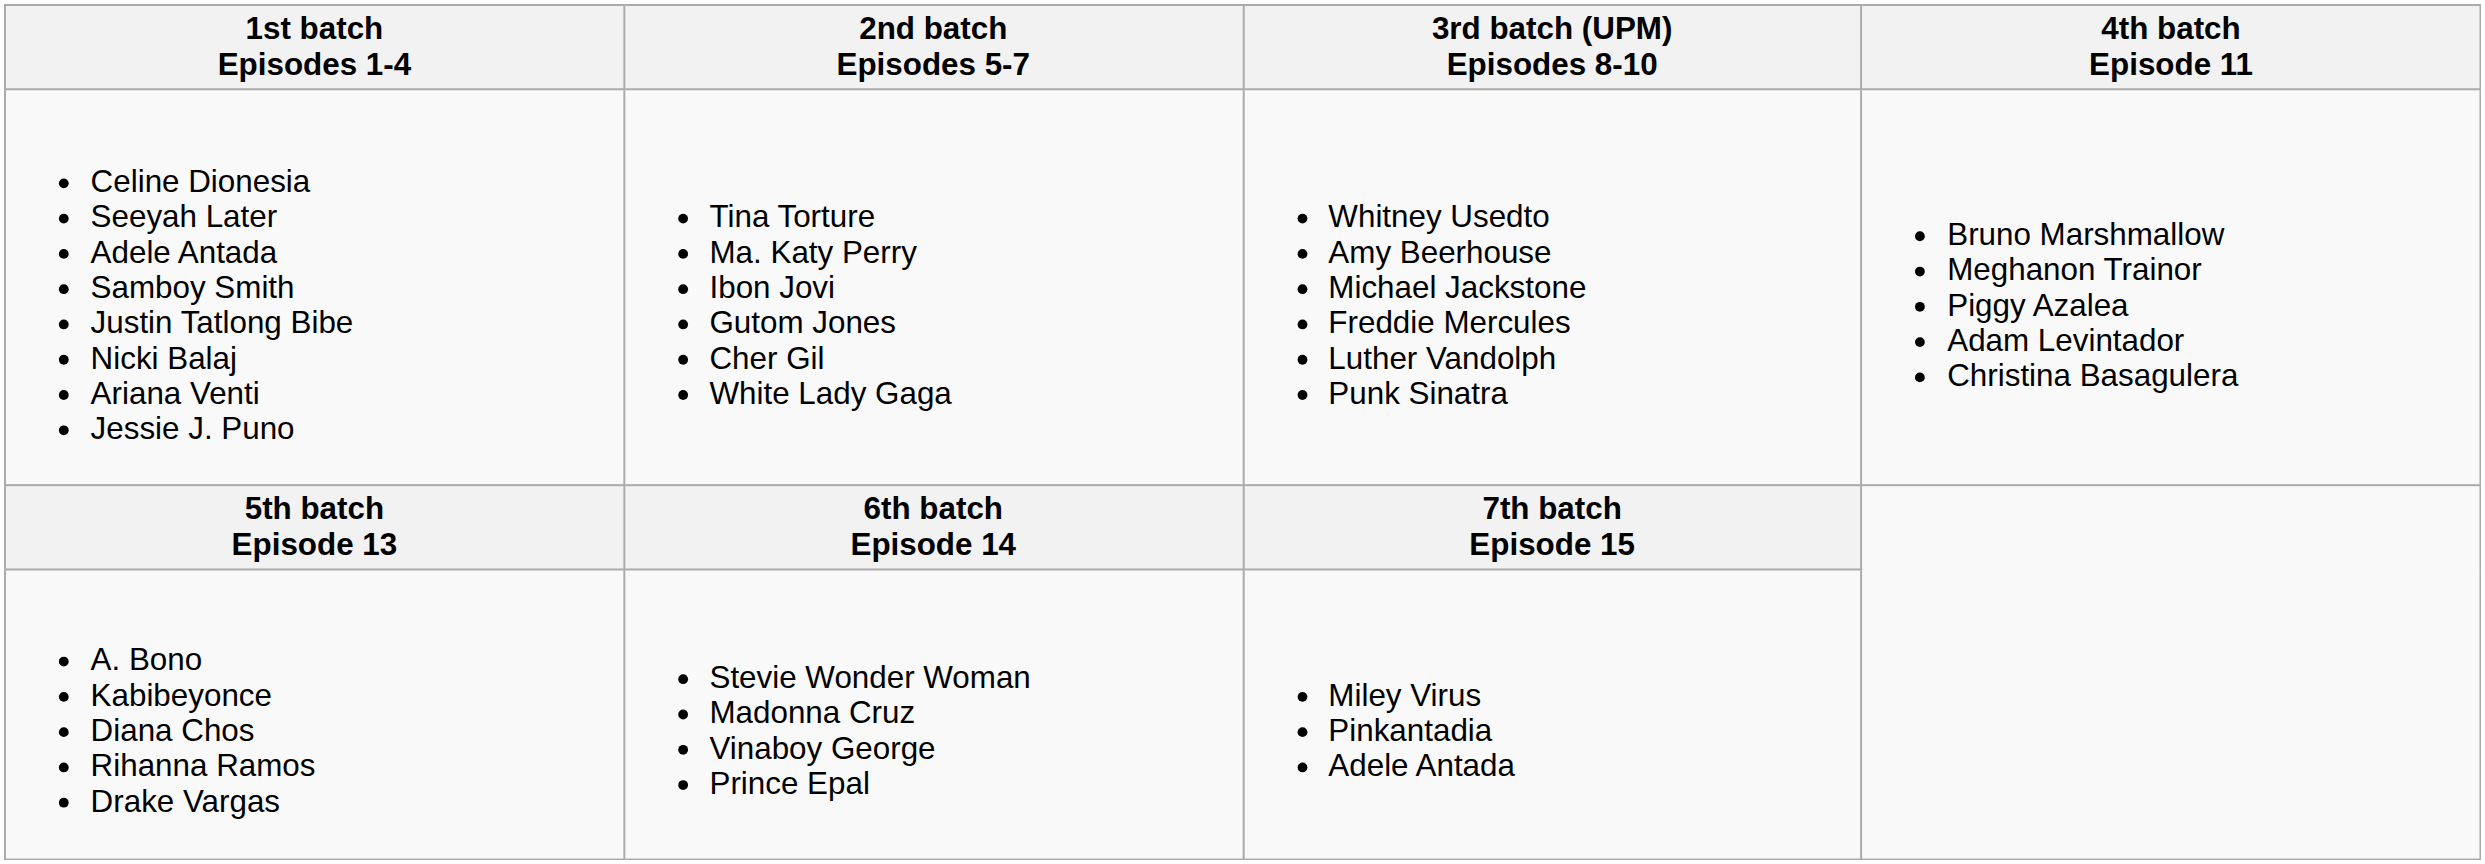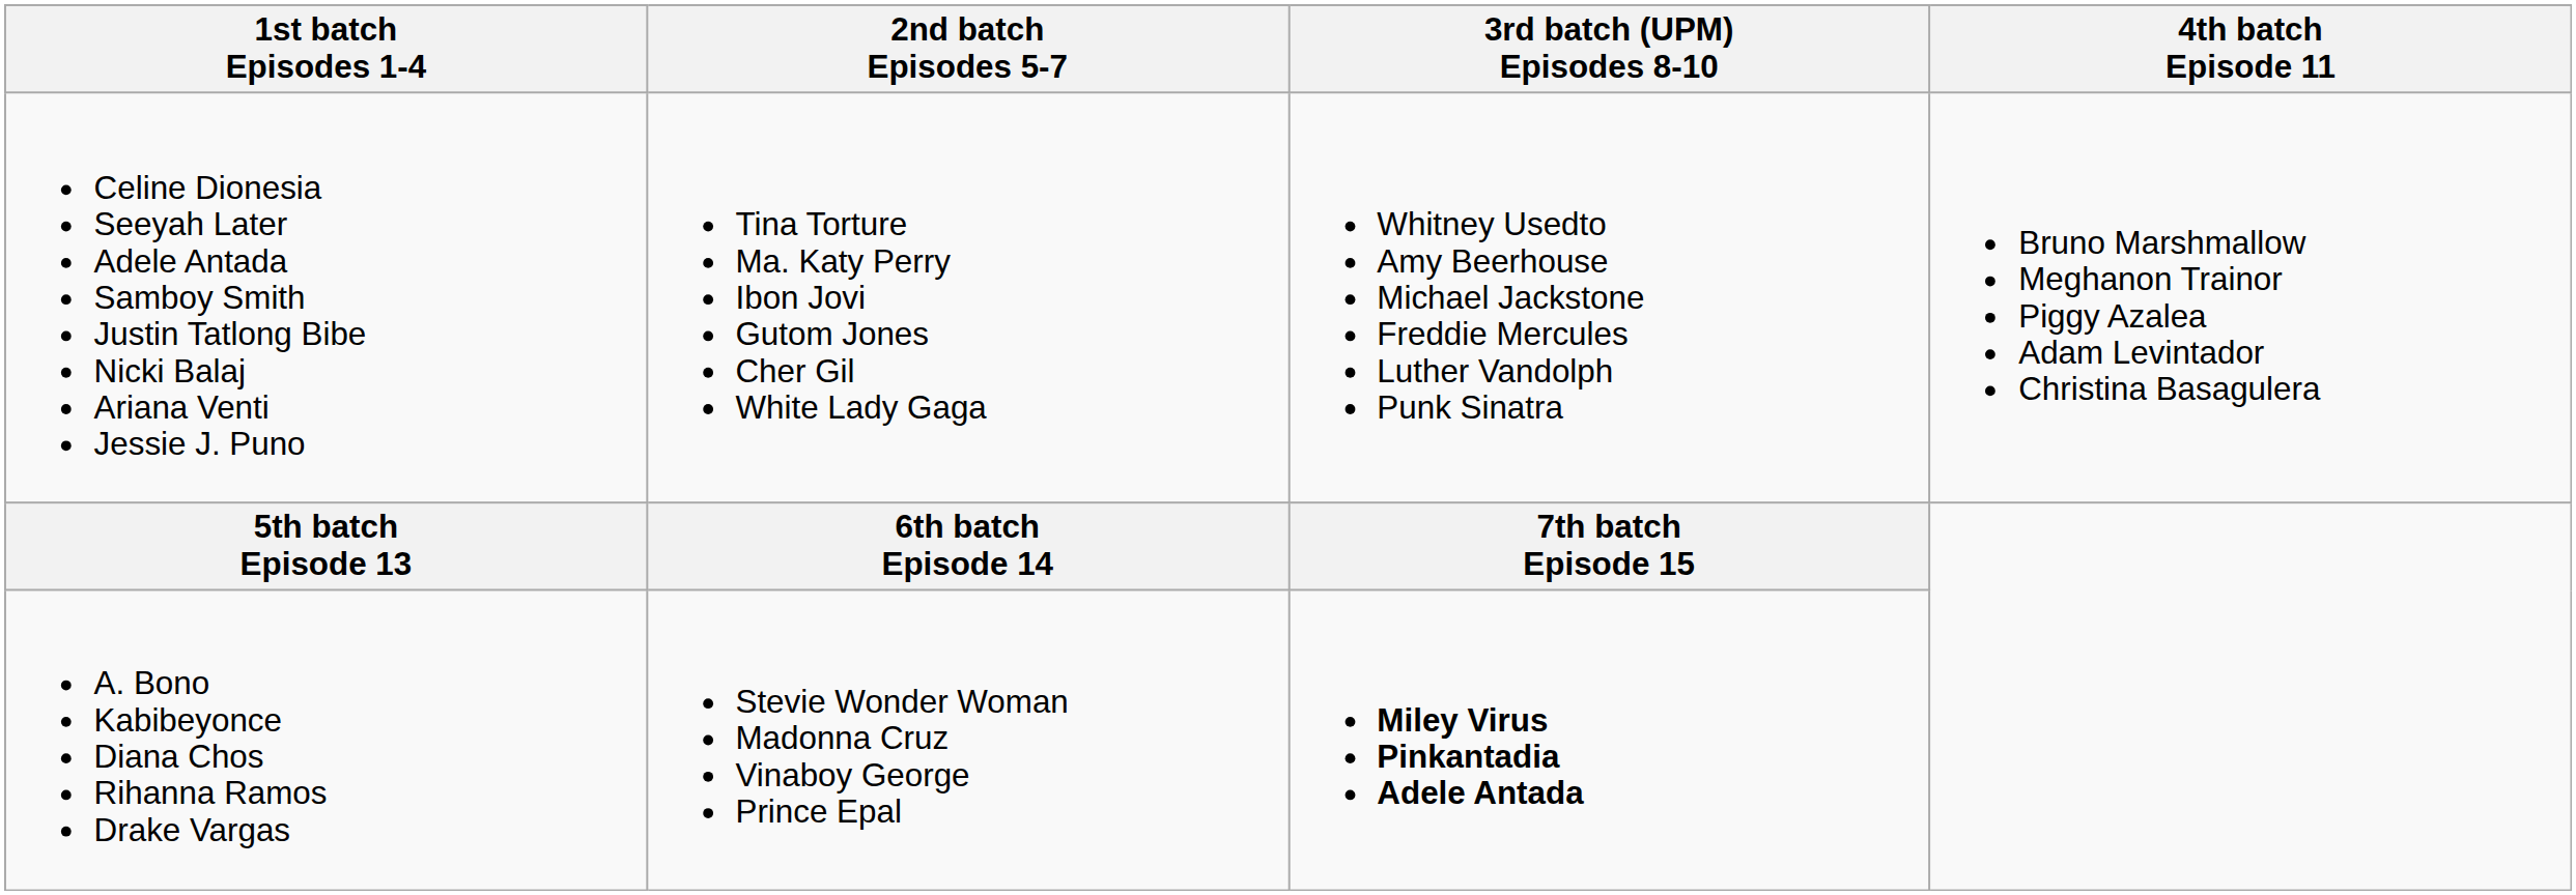 <table class="wikitable" width=100%;">
 <tr>
 <th style="width:25%;">1st batch<br>Episodes 1-4</th>
 <th style="width:25%;">2nd batch<br>Episodes 5-7</th>
 <th style="width:25%;">3rd batch (UPM)<br>Episodes 8-10</th>
 <th style="width:25%;">4th batch<br>Episode 11</th>
 </tr>
 <tr>
 <td><br><ul><li>Celine Dionesia</li><li>Seeyah Later</li><li>Adele Antada</li><li>Samboy Smith</li><li>Justin Tatlong Bibe</li><li>Nicki Balaj</li><li>Ariana Venti</li><li>Jessie J. Puno</li></ul></td>
 <td><br><ul><li>Tina Torture</li><li>Ma. Katy Perry</li><li>Ibon Jovi</li><li>Gutom Jones</li><li>Cher Gil</li><li>White Lady Gaga</li></ul></td>
 <td><br><ul><li>Whitney Usedto</li><li>Amy Beerhouse</li><li>Michael Jackstone</li><li>Freddie Mercules</li><li>Luther Vandolph</li><li>Punk Sinatra</li></ul></td>
 <td><br><ul><li>Bruno Marshmallow</li><li>Meghanon Trainor</li><li>Piggy Azalea</li><li>Adam Levintador</li><li>Christina Basagulera</li></ul></td>
 </tr>
 <tr>
 <th>5th batch<br>Episode 13</th>
 <th>6th batch<br>Episode 14</th>
 <th>7th batch<br>Episode 15</th>
 </tr>
 <tr>
 <td><br><ul><li>A. Bono</li><li>Kabibeyonce</li><li>Diana Chos</li><li>Rihanna Ramos</li><li>Drake Vargas</li></ul></td>
 <td><br><ul><li>Stevie Wonder Woman</li><li>Madonna Cruz</li><li>Vinaboy George</li><li>Prince Epal</li></ul></td>
-<td><br><ul><li>Miley Virus</li><li>Pinkantadia</li><li>Adele Antada</li></ul></td>
+<td><strong><br><ul><li>Miley Virus</li><li>Pinkantadia</li><li>Adele Antada</li></ul></strong></td>
 </tr>
 </table>
